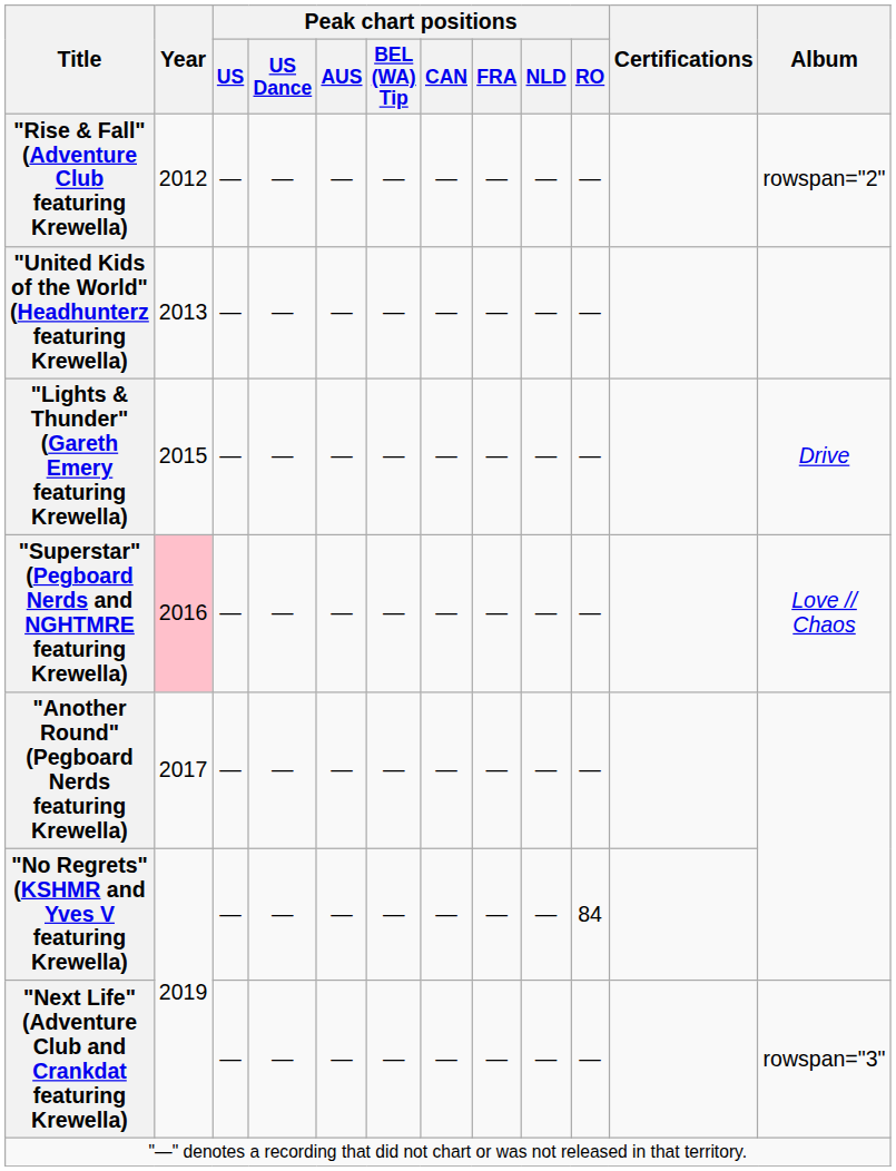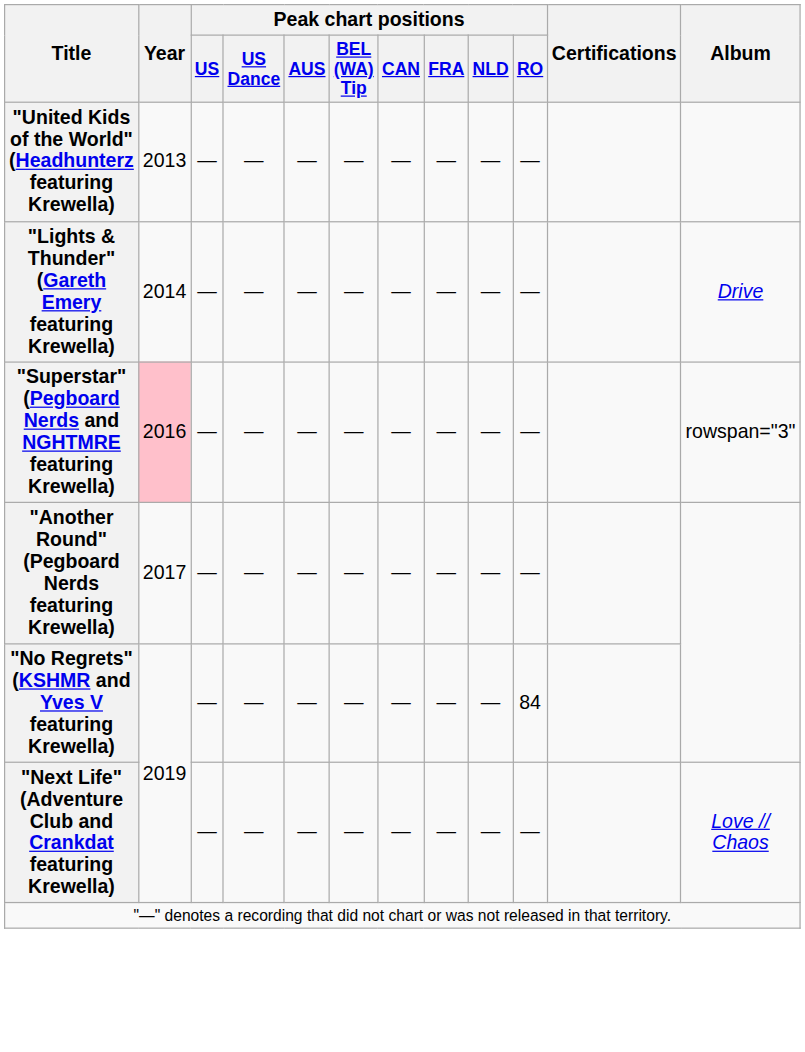 <table class="wikitable plainrowheaders" style="text-align:center;">
 <tr>
 <th scope="col" rowspan="2" style="width:24em;">Title</th>
 <th scope="col" rowspan="2" style="width:1em;">Year</th>
 <th scope="col" colspan="8">Peak chart positions</th>
 <th scope="col" rowspan="2" style="width:10em;">Certifications</th>
 <th scope="col" rowspan="2" style="width:10em;">Album</th>
 </tr>
 <tr>
 <th scope="col" style="width:2.9em;font-size:90%;"><a href='#'>US</a><br></th>
 <th scope="col" style="width:2.9em;font-size:90%;"><a href='#'>US Dance</a><br></th>
 <th scope="col" style="width:2.9em;font-size:90%;"><a href='#'>AUS</a><br></th>
 <th scope="col" style="width:2.9em;font-size:90%;"><a href='#'>BEL<br>(WA)<br>Tip</a><br></th>
 <th scope="col" style="width:2.9em;font-size:90%;"><a href='#'>CAN</a><br></th>
 <th scope="col" style="width:2.9em;font-size:90%;"><a href='#'>FRA</a><br></th>
 <th scope="col" style="width:2.9em;font-size:90%;"><a href='#'>NLD</a><br></th>
 <th scope="col" style="width:2.9em;font-size:90%;"><a href='#'>RO</a><br></th>
 </tr>
 <tr>
-<th scope="row">"Rise & Fall"<br><span>(<a href='#'>Adventure Club</a> featuring Krewella)</span></th>
-<td>2012</td>
-<td>—</td>
-<td>—</td>
-<td>—</td>
-<td>—</td>
-<td>—</td>
-<td>—</td>
-<td>—</td>
-<td>—</td>
-<td></td>
-<td>rowspan="2" </td>
-</tr>
-<tr>
 <th scope="row">"United Kids of the World"<br><span>(<a href='#'>Headhunterz</a> featuring Krewella)</span></th>
 <td>2013</td>
 <td>—</td>
 <td>—</td>
 <td>—</td>
 <td>—</td>
 <td>—</td>
 <td>—</td>
 <td>—</td>
 <td>—</td>
 <td></td>
 </tr>
 <tr>
 <th scope="row">"Lights & Thunder" <br><span>(<a href='#'>Gareth Emery</a> featuring Krewella)</span></th>
-<td>2015</td>
+<td>2014</td>
 <td>—</td>
 <td>—</td>
 <td>—</td>
 <td>—</td>
 <td>—</td>
 <td>—</td>
 <td>—</td>
 <td>—</td>
 <td></td>
 <td><em><a href='#'>Drive</a></em></td>
 </tr>
 <tr>
 <th scope="row">"Superstar"<br><span>(<a href='#'>Pegboard Nerds</a> and <a href='#'>NGHTMRE</a> featuring Krewella)</span></th>
 <td style="background: pink;">2016</td>
 <td>—</td>
 <td>—</td>
 <td>—</td>
 <td>—</td>
 <td>—</td>
 <td>—</td>
 <td>—</td>
 <td>—</td>
 <td></td>
-<td><em><a href='#'>Love // Chaos</a></em></td>
+<td>rowspan="3" </td>
 </tr>
 <tr>
 <th scope="row">"Another Round"<br><span>(Pegboard Nerds featuring Krewella)</span></th>
 <td>2017</td>
 <td>—</td>
 <td>—</td>
 <td>—</td>
 <td>—</td>
 <td>—</td>
 <td>—</td>
 <td>—</td>
 <td>—</td>
 <td></td>
 </tr>
 <tr>
 <th scope="row">"No Regrets" <br><span>(<a href='#'>KSHMR</a> and <a href='#'>Yves V</a> featuring Krewella)</span></th>
 <td rowspan="2">2019</td>
 <td>—</td>
 <td>—</td>
 <td>—</td>
 <td>—</td>
 <td>—</td>
 <td>—</td>
 <td>—</td>
 <td>84</td>
 <td></td>
 </tr>
 <tr>
 <th scope="row">"Next Life" <br><span>(Adventure Club and <a href='#'>Crankdat</a> featuring Krewella)</span></th>
 <td>—</td>
 <td>—</td>
 <td>—</td>
 <td>—</td>
 <td>—</td>
 <td>—</td>
 <td>—</td>
 <td>—</td>
 <td></td>
-<td>rowspan="3" </td>
+<td><em><a href='#'>Love // Chaos</a></em></td>
 </tr>
 <tr>
 <td colspan="12" style="font-size:80%">"—" denotes a recording that did not chart or was not released in that territory.</td>
 </tr>
 </table>
